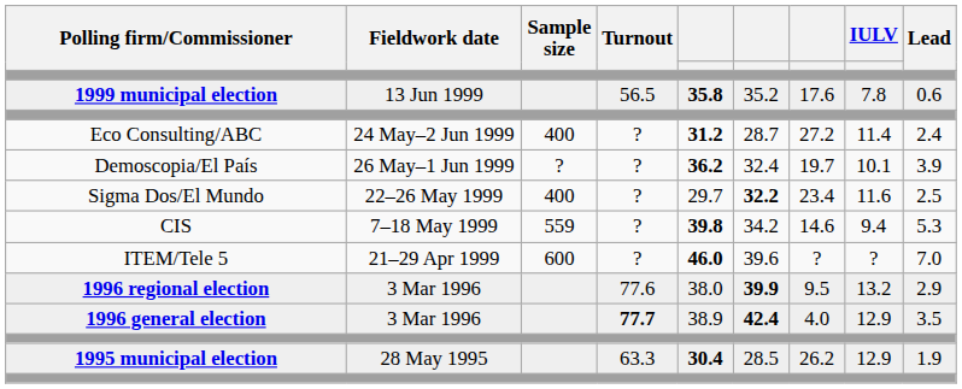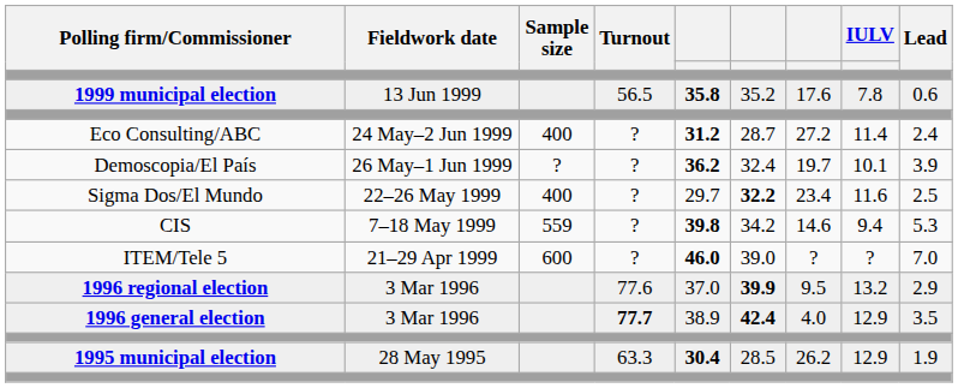 <table class="wikitable collapsible collapsed" style="text-align:center; font-size:95%; line-height:16px;">
 <tr style="height:42px;">
 <th style="width:250px;" rowspan="2">Polling firm/Commissioner</th>
 <th style="width:125px;" rowspan="2">Fieldwork date</th>
 <th style="width:50px;" rowspan="2">Sample size</th>
 <th style="width:45px;" rowspan="2">Turnout</th>
 <th style="width:35px;"></th>
 <th style="width:35px;"></th>
 <th style="width:35px;"></th>
 <th style="width:35px;"><a href='#'>IULV</a></th>
 <th style="width:30px;" rowspan="2">Lead</th>
 </tr>
 <tr>
 <th style="color:inherit;background:"></th>
 <th style="color:inherit;background:"></th>
 <th style="color:inherit;background:"></th>
 <th style="color:inherit;background:"></th>
 </tr>
 <tr>
 <td colspan="9" style="background:#A0A0A0"></td>
 </tr>
 <tr style="background:#EFEFEF;">
 <td><strong><a href='#'>1999 municipal election</a></strong></td>
 <td>13 Jun 1999</td>
 <td></td>
 <td>56.5</td>
 <td><strong>35.8</strong><br></td>
 <td>35.2<br></td>
 <td>17.6<br></td>
 <td>7.8<br></td>
 <td style="background:">0.6</td>
 </tr>
 <tr>
 <td colspan="9" style="background:#A0A0A0"></td>
 </tr>
 <tr>
 <td>Eco Consulting/ABC</td>
 <td>24 May–2 Jun 1999</td>
 <td>400</td>
 <td>?</td>
 <td><strong>31.2</strong><br></td>
 <td>28.7<br></td>
 <td>27.2<br></td>
 <td>11.4<br></td>
 <td style="background:">2.4</td>
 </tr>
 <tr>
 <td>Demoscopia/El País</td>
 <td>26 May–1 Jun 1999</td>
 <td>?</td>
 <td>?</td>
 <td><strong>36.2</strong><br></td>
 <td>32.4<br></td>
 <td>19.7<br></td>
 <td>10.1<br></td>
 <td style="background:">3.9</td>
 </tr>
 <tr>
 <td>Sigma Dos/El Mundo</td>
 <td>22–26 May 1999</td>
 <td>400</td>
 <td>?</td>
 <td>29.7<br></td>
 <td><strong>32.2</strong><br></td>
 <td>23.4<br></td>
 <td>11.6<br></td>
 <td style="background:">2.5</td>
 </tr>
 <tr>
 <td>CIS</td>
 <td>7–18 May 1999</td>
 <td>559</td>
 <td>?</td>
 <td><strong>39.8</strong><br></td>
 <td>34.2<br></td>
 <td>14.6<br></td>
 <td>9.4<br></td>
 <td style="background:">5.3</td>
 </tr>
 <tr>
 <td>ITEM/Tele 5</td>
 <td>21–29 Apr 1999</td>
 <td>600</td>
 <td>?</td>
 <td><strong>46.0</strong><br></td>
-<td>39.6<br></td>
+<td>39.0<br></td>
 <td>?<br></td>
 <td>?<br></td>
 <td style="background:">7.0</td>
 </tr>
 <tr style="background:#EFEFEF;">
 <td><strong><a href='#'>1996 regional election</a></strong></td>
 <td>3 Mar 1996</td>
 <td></td>
 <td>77.6</td>
-<td>38.0<br></td>
+<td>37.0<br></td>
 <td><strong>39.9</strong><br></td>
 <td>9.5<br></td>
 <td>13.2<br></td>
 <td style="background:">2.9</td>
 </tr>
 <tr style="background:#EFEFEF;">
 <td><strong><a href='#'>1996 general election</a></strong></td>
 <td>3 Mar 1996</td>
 <td></td>
 <td><strong>77.7</strong></td>
 <td>38.9<br></td>
 <td><strong>42.4</strong><br></td>
 <td>4.0<br></td>
 <td>12.9<br></td>
 <td style="background:">3.5</td>
 </tr>
 <tr>
 <td colspan="9" style="background:#A0A0A0"></td>
 </tr>
 <tr style="background:#EFEFEF;">
 <td><strong><a href='#'>1995 municipal election</a></strong></td>
 <td>28 May 1995</td>
 <td></td>
 <td>63.3</td>
 <td><strong>30.4</strong><br></td>
 <td>28.5<br></td>
 <td>26.2<br></td>
 <td>12.9<br></td>
 <td style="background:">1.9</td>
 </tr>
 <tr>
 <td colspan="9" style="background:#A0A0A0"></td>
 </tr>
 </table>
